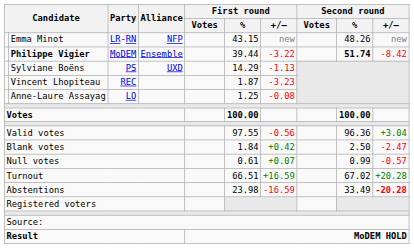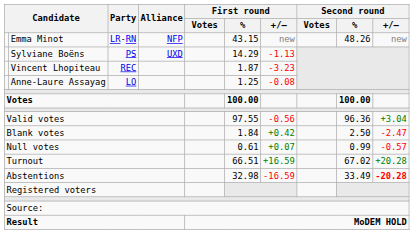 <table class="wikitable" style="text-align:right;font-size:95%;">
 <tr>
 <th rowspan="2" colspan="2">Candidate</th>
 <th colspan="1" rowspan="2">Party</th>
 <th colspan="1" rowspan="2">Alliance</th>
 <th colspan="3">First round</th>
 <th colspan="3">Second round</th>
 </tr>
 <tr>
 <th style="width:50px;">Votes</th>
 <th style="width:45px;">%</th>
 <th style="width:45px;">+/–</th>
 <th style="width:50px;">Votes</th>
 <th style="width:45px;">%</th>
 <th style="width:45px;">+/–</th>
 </tr>
 <tr>
 <td style="color:inherit;background:"></td>
 <td style="text-align:left;">Emma Minot</td>
 <td><a href='#'>LR</a>-<a href='#'>RN</a></td>
 <td><a href='#'>NFP</a></td>
 <td></td>
 <td>43.15</td>
 <td style="color:grey;">new</td>
 <td></td>
 <td>48.26</td>
 <td style="color:grey;">new</td>
-</tr>
-<tr>
-<td style="color:inherit;background:"></td>
-<td style="text-align:left;"><strong>Philippe Vigier</strong></td>
-<td><a href='#'>MoDEM</a></td>
-<td><a href='#'>Ensemble</a></td>
-<td></td>
-<td>39.44</td>
-<td style="color:red;">-3.22</td>
-<td><strong></strong></td>
-<td><strong>51.74</strong></td>
-<td style="color:red;">-8.42</td>
 </tr>
 <tr>
 <td style="color:inherit;background:"></td>
 <td style="text-align:left;">Sylviane Boëns</td>
 <td><a href='#'>PS</a></td>
 <td><a href='#'>UXD</a></td>
 <td></td>
 <td>14.29</td>
 <td style="color:red;">-1.13</td>
 <td colspan="3" rowspan="3" style="background:#E9E9E9;"></td>
 </tr>
 <tr>
 <td style="color:inherit;background:"></td>
 <td style="text-align:left;">Vincent Lhopiteau</td>
 <td><a href='#'>REC</a></td>
 <td></td>
 <td></td>
 <td>1.87</td>
 <td style="color:red;">-3.23</td>
 </tr>
 <tr>
 <td style="color:inherit;background:"></td>
 <td style="text-align:left;">Anne-Laure Assayag</td>
 <td><a href='#'>LO</a></td>
 <td></td>
 <td></td>
 <td>1.25</td>
 <td style="color:red;">-0.08</td>
 </tr>
 <tr>
 <td colspan="10" style="background:#E9E9E9;"></td>
 </tr>
 <tr style="font-weight:bold;">
 <td colspan="4" style="text-align:left;">Votes</td>
 <td></td>
 <td>100.00</td>
 <td></td>
 <td></td>
 <td>100.00</td>
 <td></td>
 </tr>
 <tr>
 <td colspan="10" style="background:#E9E9E9;"></td>
 </tr>
 <tr>
 <td colspan="4" style="text-align:left;">Valid votes</td>
 <td></td>
 <td>97.55</td>
 <td style="color:red;">-0.56</td>
 <td></td>
 <td>96.36</td>
 <td style="color:green;">+3.04</td>
 </tr>
 <tr>
 <td colspan="4" style="text-align:left;">Blank votes</td>
 <td></td>
 <td>1.84</td>
 <td style="color:green;">+0.42</td>
 <td></td>
 <td>2.50</td>
 <td style="color:red;">-2.47</td>
 </tr>
 <tr>
 <td colspan="4" style="text-align:left;">Null votes</td>
 <td></td>
 <td>0.61</td>
 <td style="color:green;">+0.07</td>
 <td></td>
 <td>0.99</td>
 <td style="color:red;">-0.57</td>
 </tr>
 <tr>
 <td colspan="4" style="text-align:left;">Turnout</td>
 <td></td>
 <td>66.51</td>
 <td style="color:green;">+16.59</td>
 <td></td>
 <td>67.02</td>
 <td style="color:green;">+20.28</td>
 </tr>
 <tr>
 <td colspan="4" style="text-align:left;">Abstentions</td>
 <td></td>
-<td>23.98</td>
+<td>32.98</td>
 <td style="color:red;">-16.59</td>
 <td></td>
 <td>33.49</td>
 <td style="color:red;"><strong>-20.28</strong></td>
 </tr>
 <tr>
 <td colspan="4" style="text-align:left;">Registered voters</td>
 <td></td>
 <td colspan="2" style="background:#E9E9E9;"></td>
 <td></td>
 <td colspan="2" style="background:#E9E9E9;"></td>
 </tr>
 <tr>
 <td colspan="10" style="background:#E9E9E9;"></td>
 </tr>
 <tr>
 <td colspan="10" style="text-align:left;">Source: </td>
 </tr>
 <tr style="font-weight:bold">
 <td colspan="4" style="text-align:left;">Result</td>
 <td colspan="6" style="background-color:">MoDEM HOLD</td>
 </tr>
 </table>
